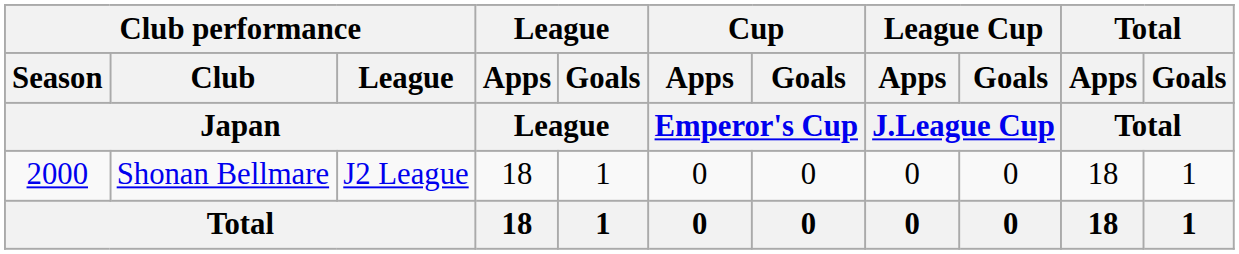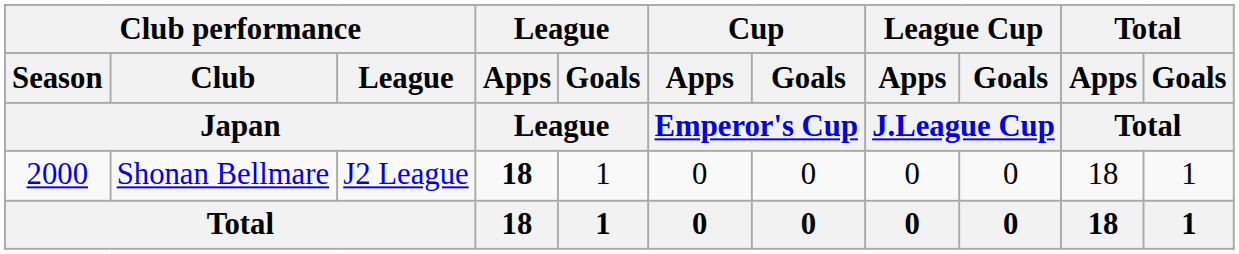 <table class="wikitable" style="text-align:center;">
 <tr>
 <th colspan=3>Club performance</th>
 <th colspan=2>League</th>
 <th colspan=2>Cup</th>
 <th colspan=2>League Cup</th>
 <th colspan=2>Total</th>
 </tr>
 <tr>
 <th>Season</th>
 <th>Club</th>
 <th>League</th>
 <th>Apps</th>
 <th>Goals</th>
 <th>Apps</th>
 <th>Goals</th>
 <th>Apps</th>
 <th>Goals</th>
 <th>Apps</th>
 <th>Goals</th>
 </tr>
 <tr>
 <th colspan=3>Japan</th>
 <th colspan=2>League</th>
 <th colspan=2><a href='#'>Emperor's Cup</a></th>
 <th colspan=2><a href='#'>J.League Cup</a></th>
 <th colspan=2>Total</th>
 </tr>
 <tr>
 <td><a href='#'>2000</a></td>
 <td><a href='#'>Shonan Bellmare</a></td>
 <td><a href='#'>J2 League</a></td>
-<td>18</td>
+<td><strong>18</strong></td>
 <td>1</td>
 <td>0</td>
 <td>0</td>
 <td>0</td>
 <td>0</td>
 <td>18</td>
 <td>1</td>
 </tr>
 <tr>
 <th colspan=3>Total</th>
 <th>18</th>
 <th>1</th>
 <th>0</th>
 <th>0</th>
 <th>0</th>
 <th>0</th>
 <th>18</th>
 <th>1</th>
 </tr>
 </table>
